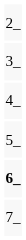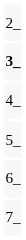 <table>
 <tr>
 <td style=background:#F8F8F8;height:22pt;font-size:small>2_</td>
 <td></td>
 <td></td>
 <td></td>
 <td></td>
 <td></td>
 <td></td>
 <td></td>
 <td></td>
 <td></td>
 <td></td>
 <td></td>
 <td></td>
 <td></td>
 <td></td>
 <td></td>
 <td></td>
 </tr>
 <tr>
-<td style=background:#F8F8F8;height:22pt;font-size:small>3_</td>
+<td style=background:#F8F8F8;height:22pt;font-size:small><strong>3_</strong></td>
 <td></td>
 <td></td>
 <td></td>
 <td></td>
 <td></td>
 <td></td>
 <td></td>
 <td></td>
 <td></td>
 <td></td>
 <td></td>
 <td></td>
 <td></td>
 <td></td>
 <td></td>
 <td></td>
 </tr>
 <tr>
 <td style=background:#F8F8F8;height:22pt;font-size:small>4_</td>
 <td></td>
 <td></td>
 <td></td>
 <td></td>
 <td></td>
 <td></td>
 <td></td>
 <td></td>
 <td></td>
 <td></td>
 <td></td>
 <td></td>
 <td></td>
 <td></td>
 <td></td>
 <td></td>
 </tr>
 <tr>
 <td style=background:#F8F8F8;height:22pt;font-size:small>5_</td>
 <td></td>
 <td></td>
 <td></td>
 <td></td>
 <td></td>
 <td></td>
 <td></td>
 <td></td>
 <td></td>
 <td></td>
 <td></td>
 <td></td>
 <td></td>
 <td></td>
 <td></td>
 <td></td>
 </tr>
 <tr>
-<td style=background:#F8F8F8;height:22pt;font-size:small><strong>6_</strong></td>
+<td style=background:#F8F8F8;height:22pt;font-size:small>6_</td>
 <td></td>
 <td></td>
 <td></td>
 <td></td>
 <td></td>
 <td></td>
 <td></td>
 <td></td>
 <td></td>
 <td></td>
 <td></td>
 <td></td>
 <td></td>
 <td></td>
 <td></td>
 <td></td>
 </tr>
 <tr>
 <td style=background:#F8F8F8;height:22pt;font-size:small>7_</td>
 <td></td>
 <td></td>
 <td></td>
 <td></td>
 <td></td>
 <td></td>
 <td></td>
 <td></td>
 <td></td>
 <td></td>
 <td></td>
 <td></td>
 <td></td>
 <td></td>
 <td></td>
 <td></td>
 </tr>
 </table>
